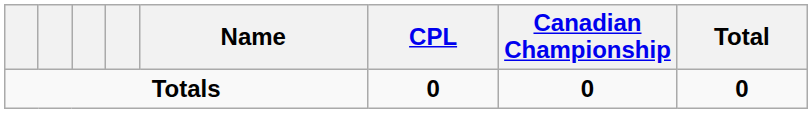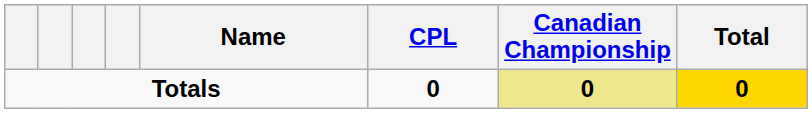 <table class="wikitable" style="text-align:center">
 <tr>
 <th width=15></th>
 <th width=15></th>
 <th width=15></th>
 <th width=15></th>
 <th width=145>Name</th>
 <th width=80><strong><a href='#'>CPL</a></strong></th>
 <th width=80><strong><a href='#'>Canadian Championship</a></strong></th>
 <th width=80>Total</th>
 </tr>
 <tr>
 <td colspan="5"><strong>Totals</strong></td>
 <td><strong>0</strong></td>
-<td><strong>0</strong></td>
-<td><strong>0</strong></td>
+<td style="background: khaki;"><strong>0</strong></td>
+<td style="background: gold;"><strong>0</strong></td>
 </tr>
 </table>
